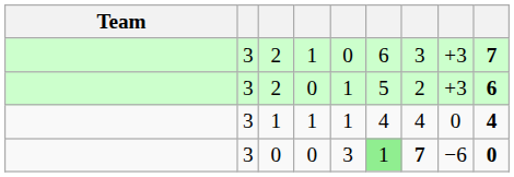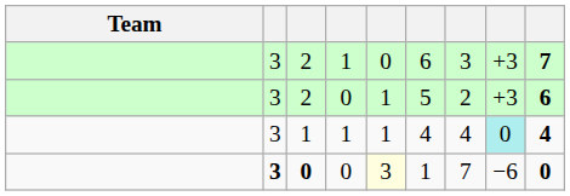 <table class="wikitable" style="text-align: center;">
 <tr>
 <th width=170>Team</th>
 <th wiBAN=20></th>
 <th width=20></th>
 <th width=20></th>
 <th width=20></th>
 <th width=20></th>
 <th width=20></th>
 <th width=20></th>
 <th width=20></th>
 </tr>
 <tr style="background:#ccffcc;">
 <td align=left></td>
 <td>3</td>
 <td>2</td>
 <td>1</td>
 <td>0</td>
 <td>6</td>
 <td>3</td>
 <td>+3</td>
 <td><strong>7</strong></td>
 </tr>
 <tr style="background:#ccffcc;">
 <td align=left></td>
 <td>3</td>
 <td>2</td>
 <td>0</td>
 <td>1</td>
 <td>5</td>
 <td>2</td>
 <td>+3</td>
 <td><strong>6</strong></td>
 </tr>
 <tr>
 <td align=left></td>
 <td>3</td>
 <td>1</td>
 <td>1</td>
 <td>1</td>
 <td>4</td>
 <td>4</td>
-<td>0</td>
+<td style="background: paleturquoise;">0</td>
 <td><strong>4</strong></td>
 </tr>
 <tr>
 <td align=left></td>
-<td>3</td>
+<td><strong>3</strong></td>
+<td><strong>0</strong></td>
 <td>0</td>
-<td>0</td>
-<td>3</td>
-<td style="background: lightgreen;">1</td>
-<td><strong>7</strong></td>
+<td style="background: lightyellow;">3</td>
+<td>1</td>
+<td>7</td>
 <td>−6</td>
 <td><strong>0</strong></td>
 </tr>
 </table>
